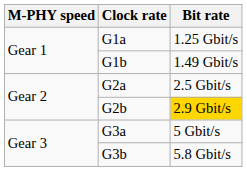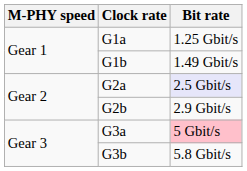 <table class="wikitable">
 <tr>
 <th>M-PHY speed</th>
 <th>Clock rate</th>
 <th>Bit rate</th>
 </tr>
 <tr>
 <td rowspan="2">Gear 1</td>
 <td>G1a</td>
 <td>1.25 Gbit/s</td>
 </tr>
 <tr>
 <td>G1b</td>
 <td>1.49 Gbit/s</td>
 </tr>
 <tr>
 <td rowspan="2">Gear 2</td>
 <td>G2a</td>
-<td>2.5 Gbit/s</td>
+<td style="background: lavender;">2.5 Gbit/s</td>
 </tr>
 <tr>
 <td>G2b</td>
-<td style="background: gold;">2.9 Gbit/s</td>
+<td>2.9 Gbit/s</td>
 </tr>
 <tr>
 <td rowspan="2">Gear 3</td>
 <td>G3a</td>
-<td>5 Gbit/s</td>
+<td style="background: pink;">5 Gbit/s</td>
 </tr>
 <tr>
 <td>G3b</td>
 <td>5.8 Gbit/s</td>
 </tr>
 </table>
